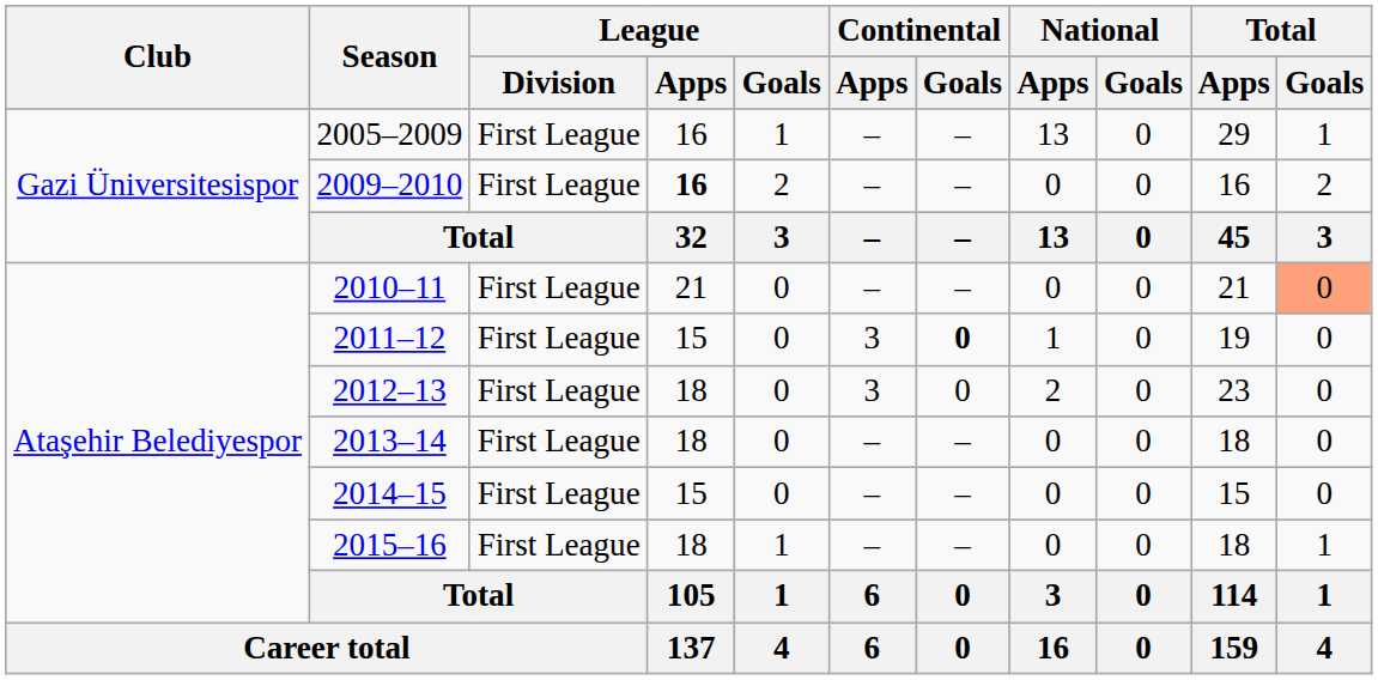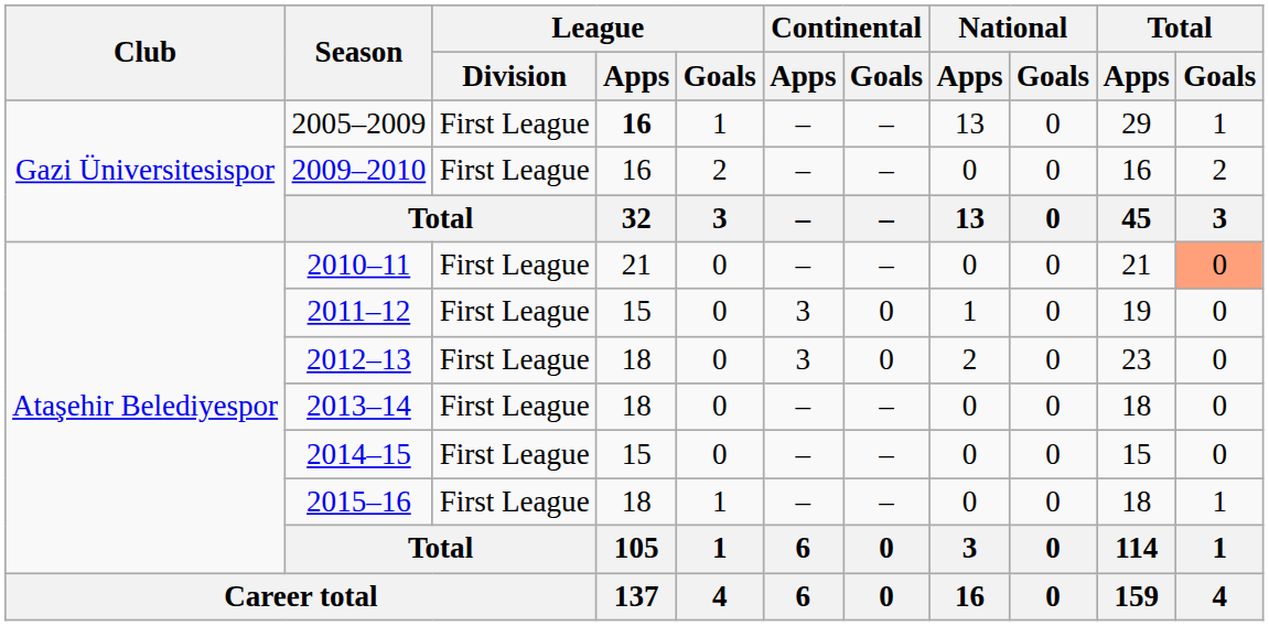 <table class="wikitable" style="text-align: center;">
 <tr>
 <th rowspan=2>Club</th>
 <th rowspan=2>Season</th>
 <th colspan=3>League</th>
 <th colspan=2>Continental</th>
 <th colspan=2>National</th>
 <th colspan=2>Total</th>
 </tr>
 <tr>
 <th>Division</th>
 <th>Apps</th>
 <th>Goals</th>
 <th>Apps</th>
 <th>Goals</th>
 <th>Apps</th>
 <th>Goals</th>
 <th>Apps</th>
 <th>Goals</th>
 </tr>
 <tr>
 <td rowspan=3><a href='#'>Gazi Üniversitesispor</a></td>
 <td>2005–2009</td>
 <td>First League</td>
-<td>16</td>
+<td><strong>16</strong></td>
 <td>1</td>
 <td>–</td>
 <td>–</td>
 <td>13</td>
 <td>0</td>
 <td>29</td>
 <td>1</td>
 </tr>
 <tr>
 <td><a href='#'>2009–2010</a></td>
 <td>First League</td>
-<td><strong>16</strong></td>
+<td>16</td>
 <td>2</td>
 <td>–</td>
 <td>–</td>
 <td>0</td>
 <td>0</td>
 <td>16</td>
 <td>2</td>
 </tr>
 <tr>
 <th colspan=2>Total</th>
 <th>32</th>
 <th>3</th>
 <th>–</th>
 <th>–</th>
 <th>13</th>
 <th>0</th>
 <th>45</th>
 <th>3</th>
 </tr>
 <tr>
 <td rowspan=7><a href='#'>Ataşehir Belediyespor</a></td>
 <td><a href='#'>2010–11</a></td>
 <td>First League</td>
 <td>21</td>
 <td>0</td>
 <td>–</td>
 <td>–</td>
 <td>0</td>
 <td>0</td>
 <td>21</td>
 <td style="background: lightsalmon;">0</td>
 </tr>
 <tr>
 <td><a href='#'>2011–12</a></td>
 <td>First League</td>
 <td>15</td>
 <td>0</td>
 <td>3</td>
-<td><strong>0</strong></td>
+<td>0</td>
 <td>1</td>
 <td>0</td>
 <td>19</td>
 <td>0</td>
 </tr>
 <tr>
 <td><a href='#'>2012–13</a></td>
 <td>First League</td>
 <td>18</td>
 <td>0</td>
 <td>3</td>
 <td>0</td>
 <td>2</td>
 <td>0</td>
 <td>23</td>
 <td>0</td>
 </tr>
 <tr |>
 <td><a href='#'>2013–14</a></td>
 <td>First League</td>
 <td>18</td>
 <td>0</td>
 <td>–</td>
 <td>–</td>
 <td>0</td>
 <td>0</td>
 <td>18</td>
 <td>0</td>
 </tr>
 <tr>
 <td><a href='#'>2014–15</a></td>
 <td>First League</td>
 <td>15</td>
 <td>0</td>
 <td>–</td>
 <td>–</td>
 <td>0</td>
 <td>0</td>
 <td>15</td>
 <td>0</td>
 </tr>
 <tr>
 <td><a href='#'>2015–16</a></td>
 <td>First League</td>
 <td>18</td>
 <td>1</td>
 <td>–</td>
 <td>–</td>
 <td>0</td>
 <td>0</td>
 <td>18</td>
 <td>1</td>
 </tr>
 <tr>
 <th colspan=2>Total</th>
 <th>105</th>
 <th>1</th>
 <th>6</th>
 <th>0</th>
 <th>3</th>
 <th>0</th>
 <th>114</th>
 <th>1</th>
 </tr>
 <tr>
 <th colspan=3>Career total</th>
 <th>137</th>
 <th>4</th>
 <th>6</th>
 <th>0</th>
 <th>16</th>
 <th>0</th>
 <th>159</th>
 <th>4</th>
 </tr>
 </table>
